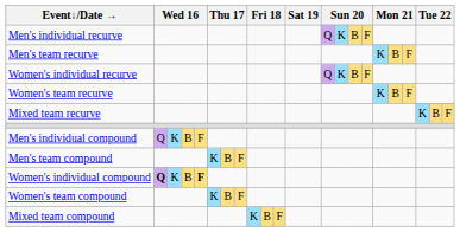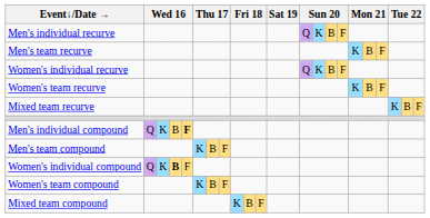 <table class="wikitable" style="margin:0.5em auto; font-size:90%; line-height:1.25em;">
 <tr style="text-align:center;">
 <th>Event↓/Date →</th>
 <th colspan="4">Wed 16</th>
 <th colspan="3">Thu 17</th>
 <th colspan="3">Fri 18</th>
 <th>Sat 19</th>
 <th colspan="4">Sun 20</th>
 <th colspan="3">Mon 21</th>
 <th colspan="3">Tue 22</th>
 </tr>
 <tr style="text-align:center;">
 <td style="text-align:left;"><a href='#'>Men's individual recurve</a></td>
 <td colspan=4></td>
 <td colspan=3></td>
 <td colspan=3></td>
 <td></td>
 <td style="background-color:#D0A9F5;">Q</td>
 <td style="background-color:#97DEFF;">K</td>
 <td style="background-color:#FFDF80;">B</td>
 <td style="background-color:#FFDF80;">F</td>
 <td colspan=3></td>
 <td colspan=3></td>
 </tr>
 <tr style="text-align:center;">
 <td style="text-align:left;"><a href='#'>Men's team recurve</a></td>
 <td colspan=4></td>
 <td colspan=3></td>
 <td colspan=3></td>
 <td></td>
 <td colspan=4></td>
 <td style="background-color:#97DEFF;">K</td>
 <td style="background-color:#FFDF80;">B</td>
 <td style="background-color:#FFDF80;">F</td>
 <td colspan=3></td>
 </tr>
 <tr style="text-align:center;">
 <td style="text-align:left;"><a href='#'>Women's individual recurve</a></td>
 <td colspan=4></td>
 <td colspan=3></td>
 <td colspan=3></td>
 <td></td>
 <td style="background-color:#D0A9F5;">Q</td>
 <td style="background-color:#97DEFF;">K</td>
 <td style="background-color:#FFDF80;">B</td>
 <td style="background-color:#FFDF80;">F</td>
 <td colspan=3></td>
 <td colspan=3></td>
 </tr>
 <tr style="text-align:center;">
 <td style="text-align:left;"><a href='#'>Women's team recurve</a></td>
 <td colspan=4></td>
 <td colspan=3></td>
 <td colspan=3></td>
 <td></td>
 <td colspan=4></td>
 <td style="background-color:#97DEFF;">K</td>
 <td style="background-color:#FFDF80;">B</td>
 <td style="background-color:#FFDF80;">F</td>
 <td colspan=3></td>
 </tr>
 <tr style="text-align:center;">
 <td style="text-align:left;"><a href='#'>Mixed team recurve</a></td>
 <td colspan=4></td>
 <td colspan=3></td>
 <td colspan=3></td>
 <td></td>
 <td colspan=4></td>
 <td colspan=3></td>
 <td style="background-color:#97DEFF;">K</td>
 <td style="background-color:#FFDF80;">B</td>
 <td style="background-color:#FFDF80;">F</td>
 </tr>
 <tr style="background-color:#dddddd;">
 <td colspan=50></td>
 </tr>
 <tr style="text-align:center;">
 <td style="text-align:left;"><a href='#'>Men's individual compound</a></td>
 <td style="background-color:#D0A9F5;">Q</td>
 <td style="background-color:#97DEFF;">K</td>
 <td style="background-color:#FFDF80;">B</td>
-<td style="background-color:#FFDF80;">F</td>
+<td style="background-color:#FFDF80;"><strong>F</strong></td>
 <td colspan=3></td>
 <td colspan=3></td>
 <td></td>
 <td colspan=4></td>
 <td colspan=3></td>
 <td colspan=3></td>
 </tr>
 <tr style="text-align:center;">
 <td style="text-align:left;"><a href='#'>Men's team compound</a></td>
 <td colspan=4></td>
 <td style="background-color:#97DEFF;">K</td>
 <td style="background-color:#FFDF80;">B</td>
 <td style="background-color:#FFDF80;">F</td>
 <td colspan=3></td>
 <td></td>
 <td colspan=4></td>
 <td colspan=3></td>
 <td colspan=3></td>
 </tr>
 <tr style="text-align:center;">
 <td style="text-align:left;"><a href='#'>Women's individual compound</a></td>
-<td style="background-color:#D0A9F5;"><strong>Q</strong></td>
+<td style="background-color:#D0A9F5;">Q</td>
 <td style="background-color:#97DEFF;">K</td>
-<td style="background-color:#FFDF80;">B</td>
-<td style="background-color:#FFDF80;"><strong>F</strong></td>
+<td style="background-color:#FFDF80;"><strong>B</strong></td>
+<td style="background-color:#FFDF80;">F</td>
 <td colspan=3></td>
 <td colspan=3></td>
 <td></td>
 <td colspan=4></td>
 <td colspan=3></td>
 <td colspan=3></td>
 </tr>
 <tr style="text-align:center;">
 <td style="text-align:left;"><a href='#'>Women's team compound</a></td>
 <td colspan=4></td>
 <td style="background-color:#97DEFF;">K</td>
 <td style="background-color:#FFDF80;">B</td>
 <td style="background-color:#FFDF80;">F</td>
 <td colspan=3></td>
 <td></td>
 <td colspan=4></td>
 <td colspan=3></td>
 <td colspan=3></td>
 </tr>
 <tr style="text-align:center;">
 <td style="text-align:left;"><a href='#'>Mixed team compound</a></td>
 <td colspan=4></td>
 <td colspan=3></td>
 <td style="background-color:#97DEFF;">K</td>
 <td style="background-color:#FFDF80;">B</td>
 <td style="background-color:#FFDF80;">F</td>
 <td></td>
 <td colspan=4></td>
 <td colspan=3></td>
 <td colspan=3></td>
 </tr>
 </table>
